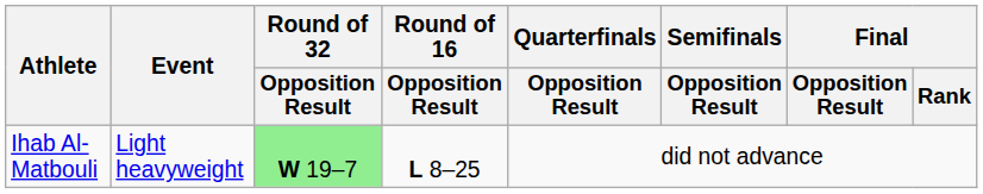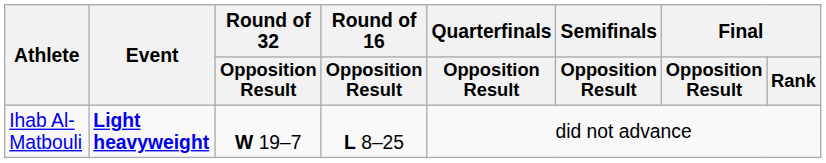 <table class="wikitable" style="font-size:90%">
 <tr>
 <th rowspan="2">Athlete</th>
 <th rowspan="2">Event</th>
 <th>Round of 32</th>
 <th>Round of 16</th>
 <th>Quarterfinals</th>
 <th>Semifinals</th>
 <th colspan=2>Final</th>
 </tr>
 <tr style="font-size:95%">
 <th>Opposition<br>Result</th>
 <th>Opposition<br>Result</th>
 <th>Opposition<br>Result</th>
 <th>Opposition<br>Result</th>
 <th>Opposition<br>Result</th>
 <th>Rank</th>
 </tr>
 <tr align=center>
 <td align=left><a href='#'>Ihab Al-Matbouli</a></td>
-<td align=left><a href='#'>Light heavyweight</a></td>
-<td style="background: lightgreen;"><br><strong>W</strong> 19–7</td>
+<td align=left><strong><a href='#'>Light heavyweight</a></strong></td>
+<td><br><strong>W</strong> 19–7</td>
 <td><br><strong>L</strong> 8–25</td>
 <td colspan=4>did not advance</td>
 </tr>
 </table>
